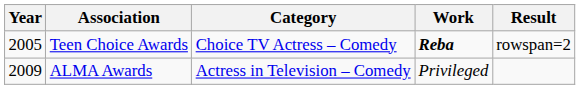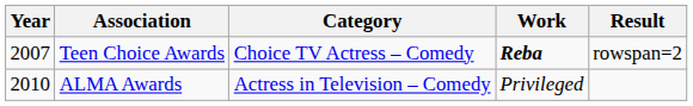 <table class="wikitable">
 <tr>
 <th>Year</th>
 <th>Association</th>
 <th>Category</th>
 <th>Work</th>
 <th>Result</th>
 </tr>
 <tr>
-<td>2005</td>
+<td>2007</td>
 <td><a href='#'>Teen Choice Awards</a></td>
 <td><a href='#'>Choice TV Actress – Comedy</a></td>
 <td><strong><em>Reba</em></strong></td>
 <td>rowspan=2 </td>
 </tr>
 <tr>
-<td>2009</td>
+<td>2010</td>
 <td><a href='#'>ALMA Awards</a></td>
 <td><a href='#'>Actress in Television – Comedy</a></td>
 <td><em>Privileged</em></td>
 </tr>
 </table>
